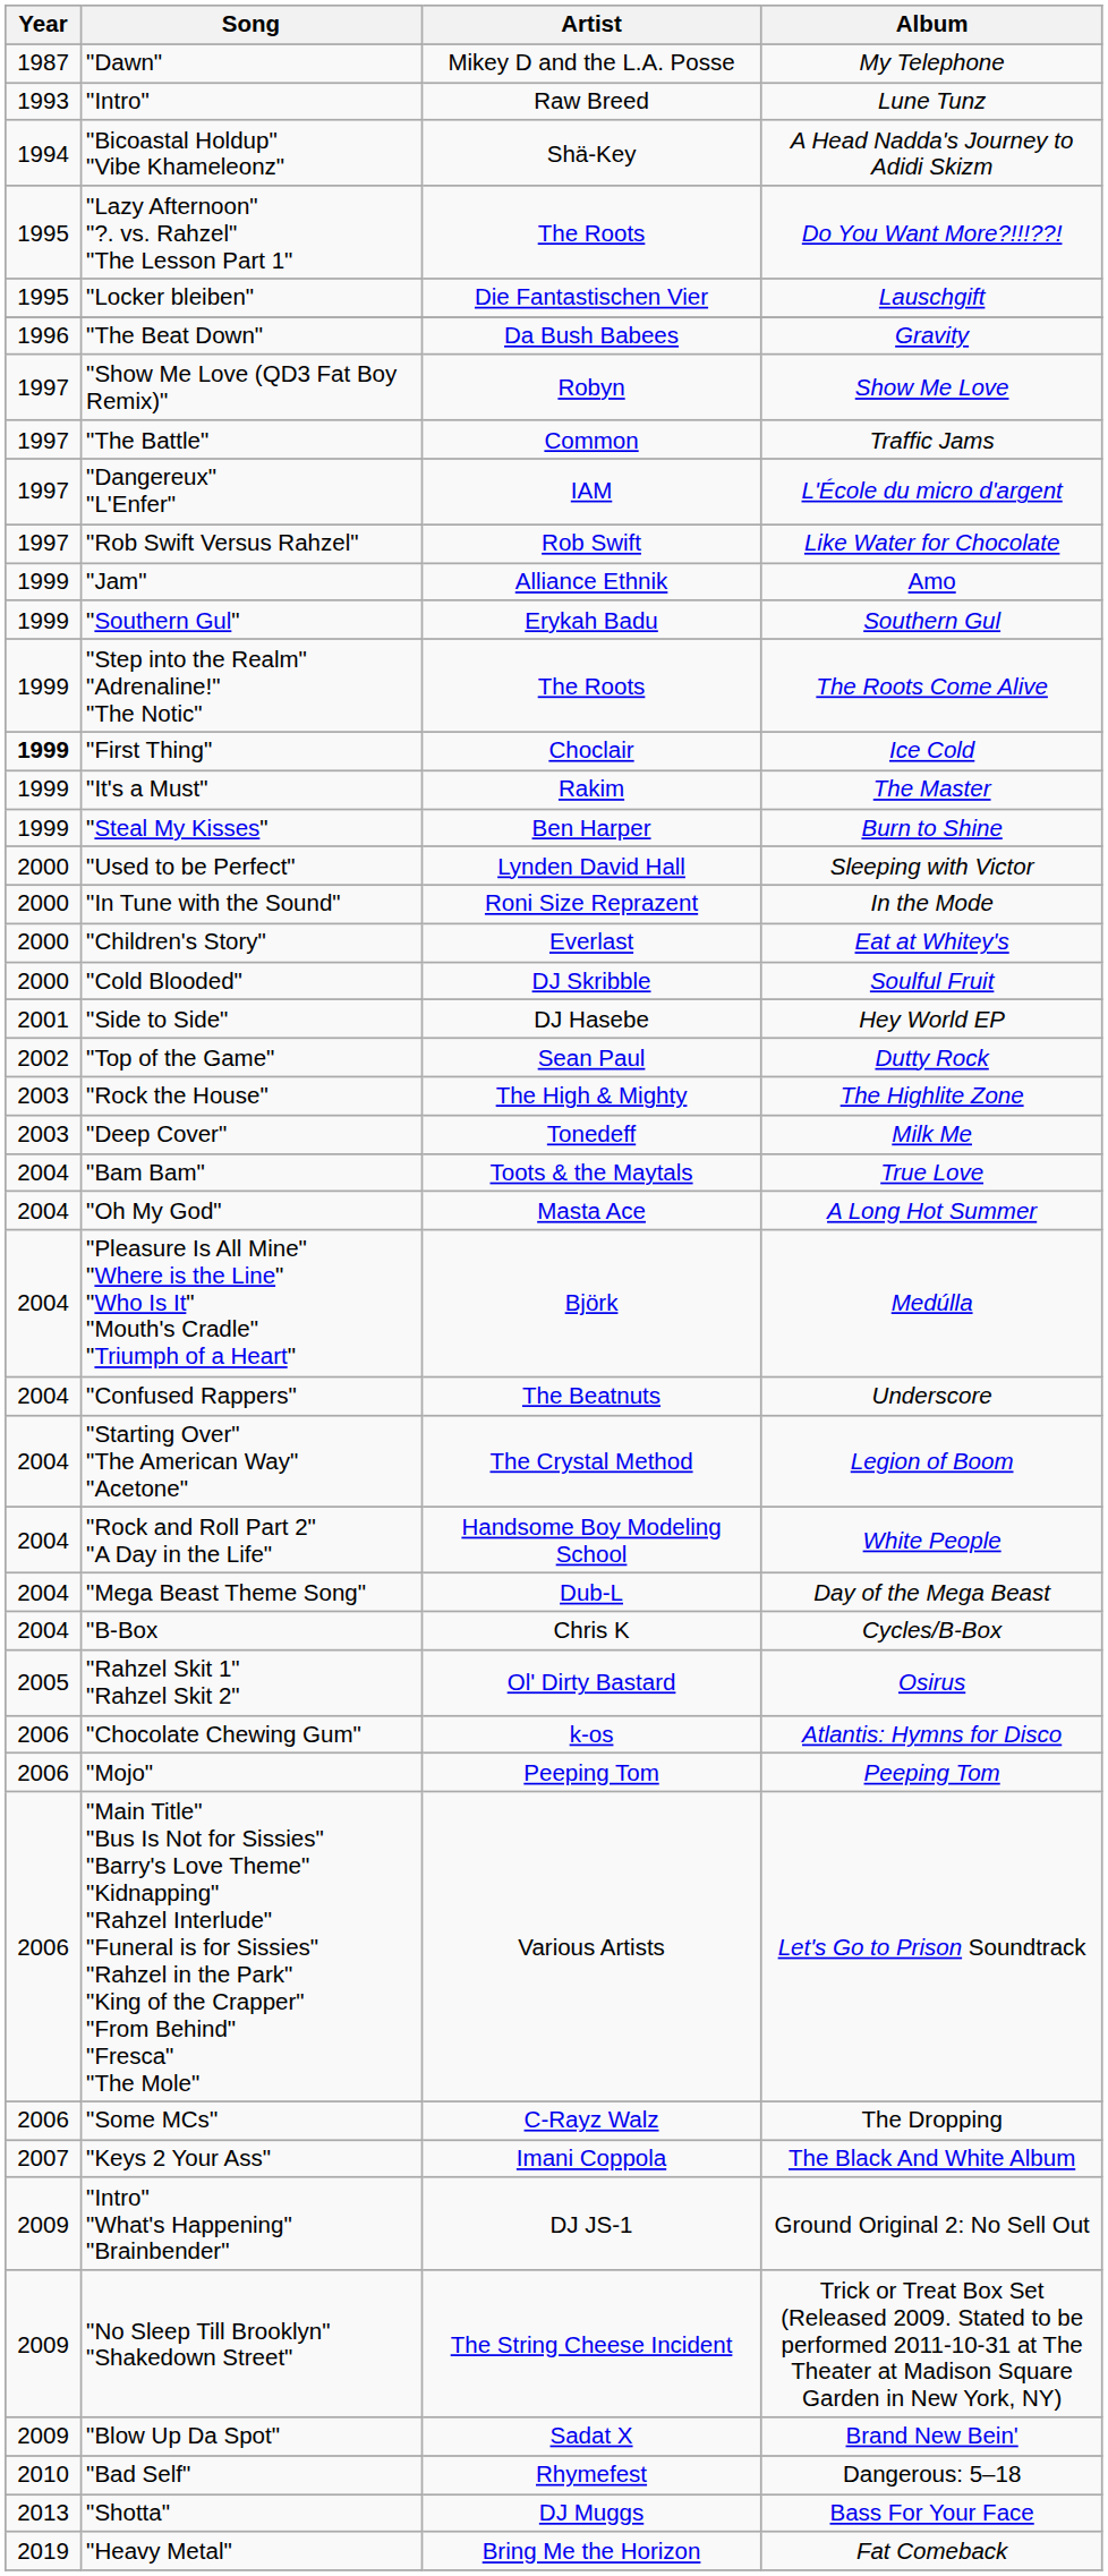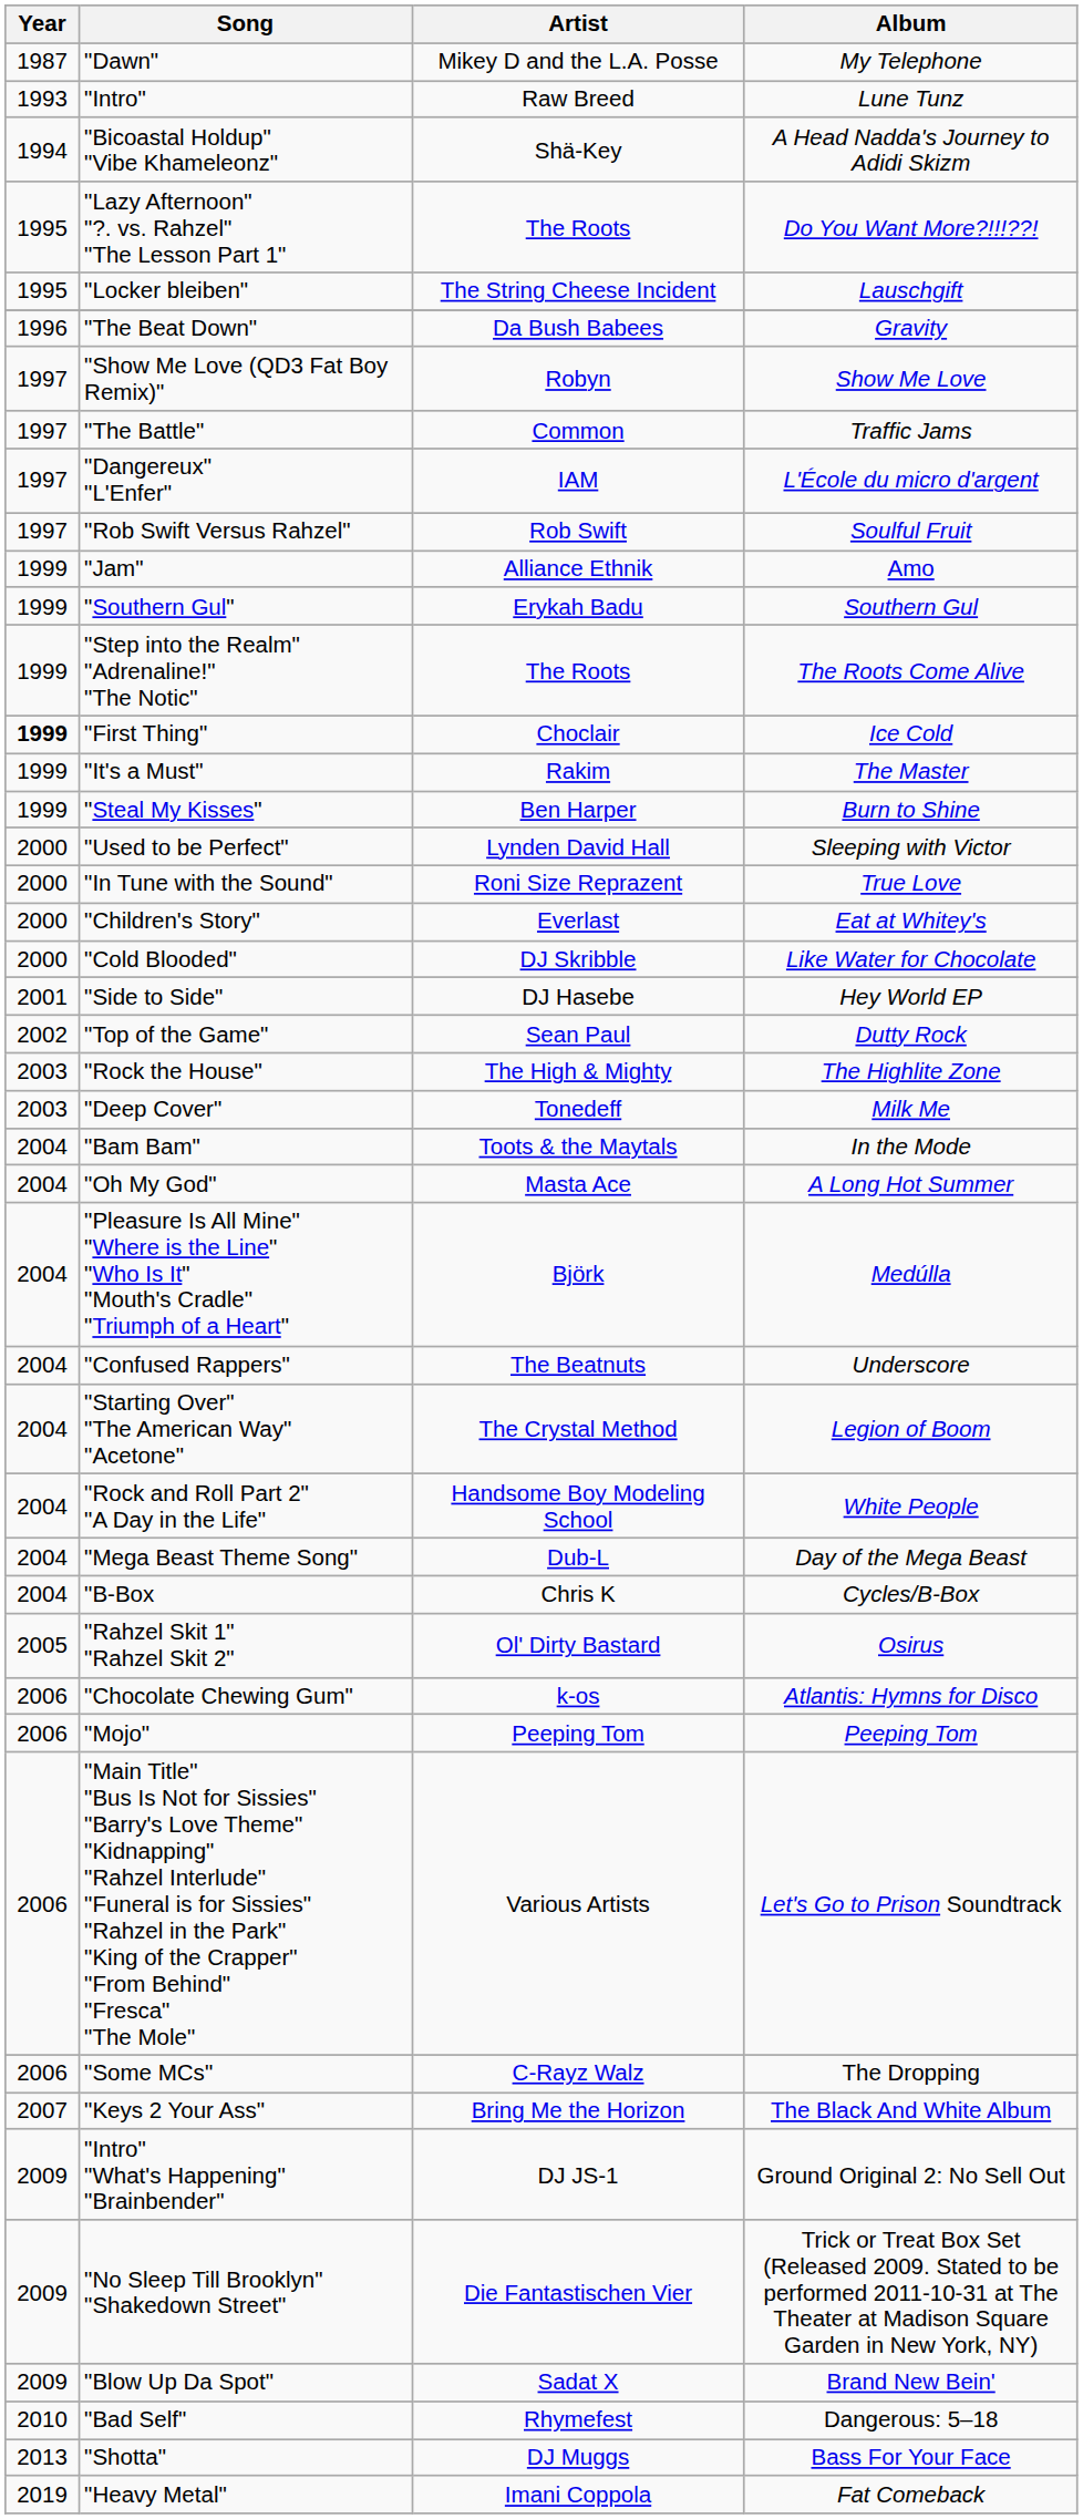 <table class="wikitable" style="font-size: 9pt">
 <tr>
 <th width="33">Year</th>
 <th width="170">Song</th>
 <th width="170">Artist</th>
 <th width="170">Album</th>
 </tr>
 <tr>
 <td align="center">1987</td>
 <td>"Dawn"</td>
 <td align="center">Mikey D and the L.A. Posse</td>
 <td align="center"><em>My Telephone</em></td>
 </tr>
 <tr>
 <td align="center">1993</td>
 <td>"Intro"</td>
 <td align="center">Raw Breed</td>
 <td align="center"><em>Lune Tunz</em></td>
 </tr>
 <tr>
 <td align="center">1994</td>
 <td>"Bicoastal Holdup" <br> "Vibe Khameleonz"</td>
 <td align="center">Shä-Key</td>
 <td align="center"><em>A Head Nadda's Journey to Adidi Skizm</em></td>
 </tr>
 <tr>
 <td align="center">1995</td>
 <td>"Lazy Afternoon" <br> "?. vs. Rahzel" <br> "The Lesson Part 1"<br></td>
 <td align="center"><a href='#'>The Roots</a></td>
 <td align="center"><em><a href='#'>Do You Want More?!!!??!</a></em></td>
 </tr>
 <tr>
 <td align="center">1995</td>
 <td>"Locker bleiben"</td>
-<td align="center"><a href='#'>Die Fantastischen Vier</a></td>
+<td align="center"><a href='#'>The String Cheese Incident</a></td>
 <td align="center"><em><a href='#'>Lauschgift</a></em></td>
 </tr>
 <tr>
 </tr>
 <tr>
 <td align="center">1996</td>
 <td>"The Beat Down"</td>
 <td align="center"><a href='#'>Da Bush Babees</a></td>
 <td align="center"><em><a href='#'>Gravity</a></em></td>
 </tr>
 <tr>
 <td align="center">1997</td>
 <td>"Show Me Love (QD3 Fat Boy Remix)"</td>
 <td align="center"><a href='#'>Robyn</a></td>
 <td align="center"><em><a href='#'>Show Me Love</a></em></td>
 </tr>
 <tr>
 <td align="center">1997</td>
 <td>"The Battle"</td>
 <td align="center"><a href='#'>Common</a></td>
 <td align="center"><em>Traffic Jams</em></td>
 </tr>
 <tr>
 <td align="center">1997</td>
 <td>"Dangereux" <br> "L'Enfer" <br></td>
 <td align="center"><a href='#'>IAM</a></td>
 <td align="center"><em><a href='#'>L'École du micro d'argent</a></em></td>
 </tr>
 <tr>
 <td align="center">1997</td>
 <td>"Rob Swift Versus Rahzel"</td>
 <td align="center"><a href='#'>Rob Swift</a></td>
-<td align="center"><em><a href='#'>Like Water for Chocolate</a></em></td>
+<td align="center"><em><a href='#'>Soulful Fruit</a></em></td>
 </tr>
 <tr>
 <td align="center">1999</td>
 <td>"Jam"</td>
 <td align="center"><a href='#'>Alliance Ethnik</a></td>
 <td align="center"></em><a href='#'>Amo</a><em></td>
 </tr>
 <tr>
 <td align="center">1999</td>
 <td>"<a href='#'>Southern Gul</a>"</td>
 <td align="center"><a href='#'>Erykah Badu</a></td>
 <td align="center"><em><a href='#'>Southern Gul</a></em></td>
 </tr>
 <tr>
 <td align="center">1999</td>
 <td>"Step into the Realm"<br>"Adrenaline!"<br>"The Notic"<br></td>
 <td align="center"><a href='#'>The Roots</a></td>
 <td align="center"><em><a href='#'>The Roots Come Alive</a></em></td>
 </tr>
 <tr>
 <td align="center"><strong>1999</strong></td>
 <td>"First Thing"</td>
 <td align="center"><a href='#'>Choclair</a></td>
 <td align="center"><em><a href='#'>Ice Cold</a></em></td>
 </tr>
 <tr>
 <td align="center">1999</td>
 <td>"It's a Must"</td>
 <td align="center"><a href='#'>Rakim</a></td>
 <td align="center"><em><a href='#'>The Master</a></em></td>
 </tr>
 <tr>
 <td align="center">1999</td>
 <td>"<a href='#'>Steal My Kisses</a>"</td>
 <td align="center"><a href='#'>Ben Harper</a></td>
 <td align="center"><em><a href='#'>Burn to Shine</a></em></td>
 </tr>
 <tr>
 <td align="center">2000</td>
 <td>"Used to be Perfect"</td>
 <td align="center"><a href='#'>Lynden David Hall</a></td>
 <td align="center"><em>Sleeping with Victor</em></td>
 </tr>
 <tr>
 <td align="center">2000</td>
 <td>"In Tune with the Sound"</td>
 <td align="center"><a href='#'>Roni Size Reprazent</a></td>
-<td align="center"><em>In the Mode</em></td>
+<td align="center"><em><a href='#'>True Love</a></em></td>
 </tr>
 <tr>
 <td align="center">2000</td>
 <td>"Children's Story"</td>
 <td align="center"><a href='#'>Everlast</a></td>
 <td align="center"><em><a href='#'>Eat at Whitey's</a></em></td>
 </tr>
 <tr>
 <td align="center">2000</td>
 <td>"Cold Blooded"</td>
 <td align="center"><a href='#'>DJ Skribble</a></td>
-<td align="center"><em><a href='#'>Soulful Fruit</a></em></td>
+<td align="center"><em><a href='#'>Like Water for Chocolate</a></em></td>
 </tr>
 <tr>
 <td align="center">2001</td>
 <td>"Side to Side"</td>
 <td align="center">DJ Hasebe</td>
 <td align="center"><em>Hey World EP</em></td>
 </tr>
 <tr>
 <td align="center">2002</td>
 <td>"Top of the Game"</td>
 <td align="center"><a href='#'>Sean Paul</a></td>
 <td align="center"><em><a href='#'>Dutty Rock</a></em></td>
 </tr>
 <tr>
 <td align="center">2003</td>
 <td>"Rock the House"</td>
 <td align="center"><a href='#'>The High & Mighty</a></td>
 <td align="center"><em><a href='#'>The Highlite Zone</a></em></td>
 </tr>
 <tr>
 <td align="center">2003</td>
 <td>"Deep Cover"</td>
 <td align="center"><a href='#'>Tonedeff</a></td>
 <td align="center"><em><a href='#'>Milk Me</a></em></td>
 </tr>
 <tr>
 <td align="center">2004</td>
 <td>"Bam Bam"</td>
 <td align="center"><a href='#'>Toots & the Maytals</a></td>
-<td align="center"><em><a href='#'>True Love</a></em></td>
+<td align="center"><em>In the Mode</em></td>
 </tr>
 <tr>
 <td align="center">2004</td>
 <td>"Oh My God"</td>
 <td align="center"><a href='#'>Masta Ace</a></td>
 <td align="center"><em><a href='#'>A Long Hot Summer</a></em></td>
 </tr>
 <tr>
 <td align="center">2004</td>
 <td>"Pleasure Is All Mine" <br> "<a href='#'>Where is the Line</a>" <br> "<a href='#'>Who Is It</a>" <br> "Mouth's Cradle" <br> "<a href='#'>Triumph of a Heart</a>"</td>
 <td align="center"><a href='#'>Björk</a></td>
 <td align="center"><em><a href='#'>Medúlla</a></em></td>
 </tr>
 <tr>
 <td align="center">2004</td>
 <td>"Confused Rappers"</td>
 <td align="center"><a href='#'>The Beatnuts</a></td>
 <td align="center"><em>Underscore</em></td>
 </tr>
 <tr>
 <td align="center">2004</td>
 <td>"Starting Over"<br> "The American Way"<br> "Acetone"</td>
 <td align="center"><a href='#'>The Crystal Method</a></td>
 <td align="center"><em><a href='#'>Legion of Boom</a></em></td>
 </tr>
 <tr>
 <td align="center">2004</td>
 <td>"Rock and Roll Part 2"<br>"A Day in the Life"<br></td>
 <td align="center"><a href='#'>Handsome Boy Modeling School</a></td>
 <td align="center"><em><a href='#'>White People</a></em></td>
 </tr>
 <tr>
 <td align="center">2004</td>
 <td>"Mega Beast Theme Song"</td>
 <td align="center"><a href='#'>Dub-L</a></td>
 <td align="center"><em>Day of the Mega Beast</em></td>
 </tr>
 <tr>
 <td align="center">2004</td>
 <td>"B-Box</td>
 <td align="center">Chris K</td>
 <td align="center"><em>Cycles/B-Box</em></td>
 </tr>
 <tr>
 <td align="center">2005</td>
 <td>"Rahzel Skit 1" <br> "Rahzel Skit 2"</td>
 <td align="center"><a href='#'>Ol' Dirty Bastard</a></td>
 <td align="center"><em><a href='#'>Osirus</a></em></td>
 </tr>
 <tr>
 <td align="center">2006</td>
 <td>"Chocolate Chewing Gum" <br></td>
 <td align="center"><a href='#'>k-os</a></td>
 <td align="center"><em><a href='#'>Atlantis: Hymns for Disco</a></em></td>
 </tr>
 <tr>
 <td align="center">2006</td>
 <td>"Mojo" <br></td>
 <td align="center"><a href='#'>Peeping Tom</a></td>
 <td align="center"><em><a href='#'>Peeping Tom</a></em></td>
 </tr>
 <tr>
 <td align="center">2006</td>
 <td>"Main Title"<br>"Bus Is Not for Sissies"<br>"Barry's Love Theme"<br>"Kidnapping"<br>"Rahzel Interlude"<br>"Funeral is for Sissies"<br>"Rahzel in the Park"<br>"King of the Crapper"<br>"From Behind"<br>"Fresca"<br>"The Mole"<br></td>
 <td align="center">Various Artists</td>
 <td align="center"><em><a href='#'>Let's Go to Prison</a></em> Soundtrack<em></td>
 </tr>
 <tr>
 <td align="center">2006</td>
 <td>"Some MCs" <br></td>
 <td align="center"><a href='#'>C-Rayz Walz</a></td>
 <td align="center"></em>The Dropping<em></td>
 </tr>
 <tr>
 <td align="center">2007</td>
 <td>"Keys 2 Your Ass"<br></td>
-<td align="center"><a href='#'>Imani Coppola</a></td>
+<td align="center"><a href='#'>Bring Me the Horizon</a></td>
 <td align="center"></em><a href='#'>The Black And White Album</a><em></td>
 </tr>
 <tr>
 <td align="center">2009</td>
 <td>"Intro"<br>"What's Happening"<br>"Brainbender"<br></td>
 <td align="center">DJ JS-1</td>
 <td align="center"></em>Ground Original 2: No Sell Out<em></td>
 </tr>
 <tr>
 <td align="center">2009</td>
 <td>"No Sleep Till Brooklyn"<br>"Shakedown Street"<br></td>
-<td align="center"><a href='#'>The String Cheese Incident</a></td>
+<td align="center"><a href='#'>Die Fantastischen Vier</a></td>
 <td align="center"></em>Trick or Treat Box Set<br>(Released 2009. Stated to be performed 2011-10-31 at The Theater at Madison Square Garden in New York, NY)<em></td>
 </tr>
 <tr>
 <td align="center">2009</td>
 <td>"Blow Up Da Spot"<br></td>
 <td align="center"><a href='#'>Sadat X</a></td>
 <td align="center"></em><a href='#'>Brand New Bein'</a><em></td>
 </tr>
 <tr>
 <td align="center">2010</td>
 <td>"Bad Self"</td>
 <td align="center"><a href='#'>Rhymefest</a></td>
 <td align="center"></em>Dangerous: 5–18<em></td>
 </tr>
 <tr>
 <td align="center">2013</td>
 <td>"Shotta"</td>
 <td align="center"><a href='#'>DJ Muggs</a></td>
 <td align="center"></em><a href='#'>Bass For Your Face</a><em></td>
 </tr>
 <tr>
 <td align="center">2019</td>
 <td>"Heavy Metal"</td>
-<td align="center"><a href='#'>Bring Me the Horizon</a></td>
+<td align="center"><a href='#'>Imani Coppola</a></td>
 <td align="center"><em>Fat Comeback</em></td>
 </tr>
 </table>
